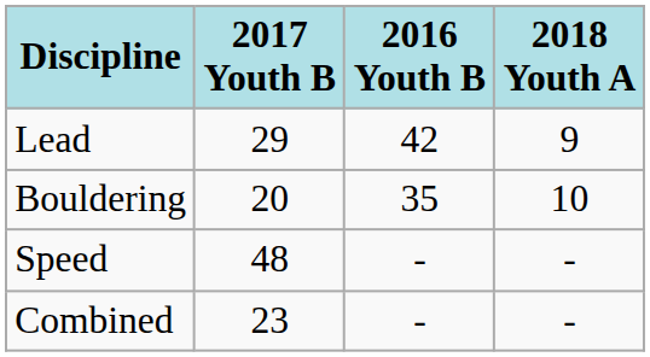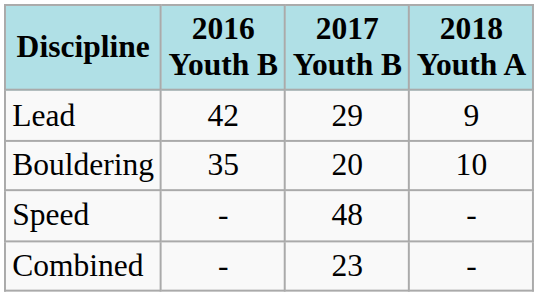 <table class="wikitable" style="text-align: center;">
 <tr>
 <th style="background: #b0e0e6;">Discipline</th>
+<th style="background: #b0e0e6;">2016<br>Youth B</th>
 <th style="background: #b0e0e6;">2017<br>Youth B</th>
-<th style="background: #b0e0e6;">2016<br>Youth B</th>
 <th style="background: #b0e0e6;">2018<br>Youth A</th>
 </tr>
 <tr>
 <td align="left">Lead</td>
+<td>42</td>
 <td>29</td>
-<td>42</td>
 <td>9</td>
 </tr>
 <tr>
 <td align="left">Bouldering</td>
+<td>35</td>
 <td>20</td>
-<td>35</td>
 <td>10</td>
 </tr>
 <tr>
 <td align="left">Speed</td>
+<td>-</td>
 <td>48</td>
-<td>-</td>
 <td>-</td>
 </tr>
 <tr>
 <td align="left">Combined</td>
+<td>-</td>
 <td>23</td>
-<td>-</td>
 <td>-</td>
 </tr>
 </table>
